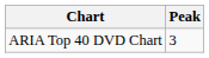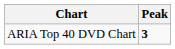 <table class="wikitable">
 <tr>
 <th>Chart</th>
 <th>Peak</th>
 </tr>
 <tr>
 <td>ARIA Top 40 DVD Chart</td>
-<td>3</td>
+<td><strong>3</strong></td>
 </tr>
 </table>
